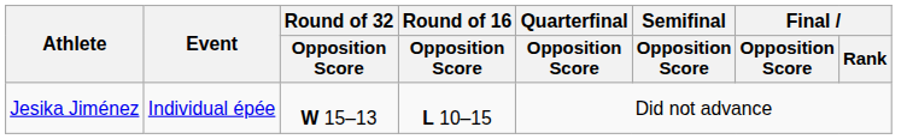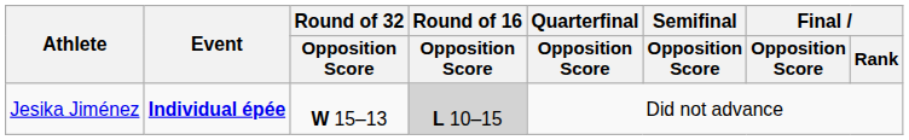 <table class="wikitable" style="font-size:90%">
 <tr>
 <th rowspan="2">Athlete</th>
 <th rowspan="2">Event</th>
 <th>Round of 32</th>
 <th>Round of 16</th>
 <th>Quarterfinal</th>
 <th>Semifinal</th>
 <th colspan=2>Final / </th>
 </tr>
 <tr style="font-size:95%">
 <th>Opposition <br> Score</th>
 <th>Opposition <br> Score</th>
 <th>Opposition <br> Score</th>
 <th>Opposition <br> Score</th>
 <th>Opposition <br> Score</th>
 <th>Rank</th>
 </tr>
 <tr align=center>
 <td align=left><a href='#'>Jesika Jiménez</a></td>
-<td align=left><a href='#'>Individual épée</a></td>
+<td align=left><strong><a href='#'>Individual épée</a></strong></td>
 <td><br><strong>W</strong> 15–13</td>
-<td><br><strong>L</strong> 10–15</td>
+<td style="background: lightgrey;"><br><strong>L</strong> 10–15</td>
 <td colspan=4>Did not advance</td>
 </tr>
 </table>
